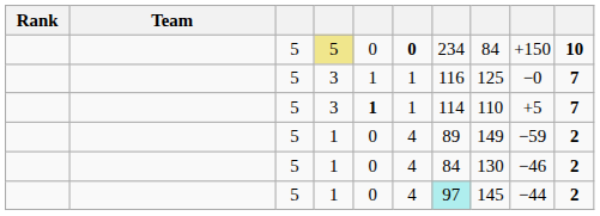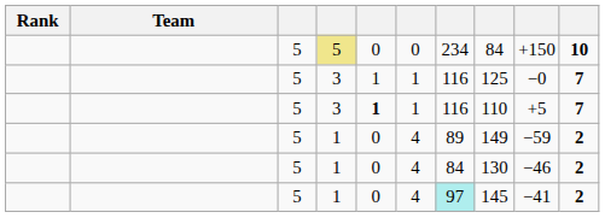 <table class="wikitable" style="text-align: center; font-size:90% ">
 <tr>
 <th width=45>Rank</th>
 <th width=160>Team</th>
 <th width=25></th>
 <th width=25></th>
 <th width=25></th>
 <th width=25></th>
 <th width=25></th>
 <th width=25></th>
 <th width=25></th>
 <th width=25></th>
 </tr>
 <tr>
 <td></td>
 <td align=left></td>
 <td>5</td>
 <td style="background: khaki;">5</td>
 <td>0</td>
-<td><strong>0</strong></td>
+<td>0</td>
 <td>234</td>
 <td>84</td>
 <td>+150</td>
 <td><strong>10</strong></td>
 </tr>
 <tr>
 <td></td>
 <td align=left></td>
 <td>5</td>
 <td>3</td>
 <td>1</td>
 <td>1</td>
 <td>116</td>
 <td>125</td>
 <td>−0</td>
 <td><strong>7</strong></td>
 </tr>
 <tr>
 <td></td>
 <td align=left></td>
 <td>5</td>
 <td>3</td>
 <td><strong>1</strong></td>
 <td>1</td>
-<td>114</td>
+<td>116</td>
 <td>110</td>
 <td>+5</td>
 <td><strong>7</strong></td>
 </tr>
 <tr>
 <td></td>
 <td align=left></td>
 <td>5</td>
 <td>1</td>
 <td>0</td>
 <td>4</td>
 <td>89</td>
 <td>149</td>
 <td>−59</td>
 <td><strong>2</strong></td>
 </tr>
 <tr>
 <td></td>
 <td align=left></td>
 <td>5</td>
 <td>1</td>
 <td>0</td>
 <td>4</td>
 <td>84</td>
 <td>130</td>
 <td>−46</td>
 <td><strong>2</strong></td>
 </tr>
 <tr>
 <td></td>
 <td align=left></td>
 <td>5</td>
 <td>1</td>
 <td>0</td>
 <td>4</td>
 <td style="background: paleturquoise;">97</td>
 <td>145</td>
-<td>−44</td>
+<td>−41</td>
 <td><strong>2</strong></td>
 </tr>
 </table>
